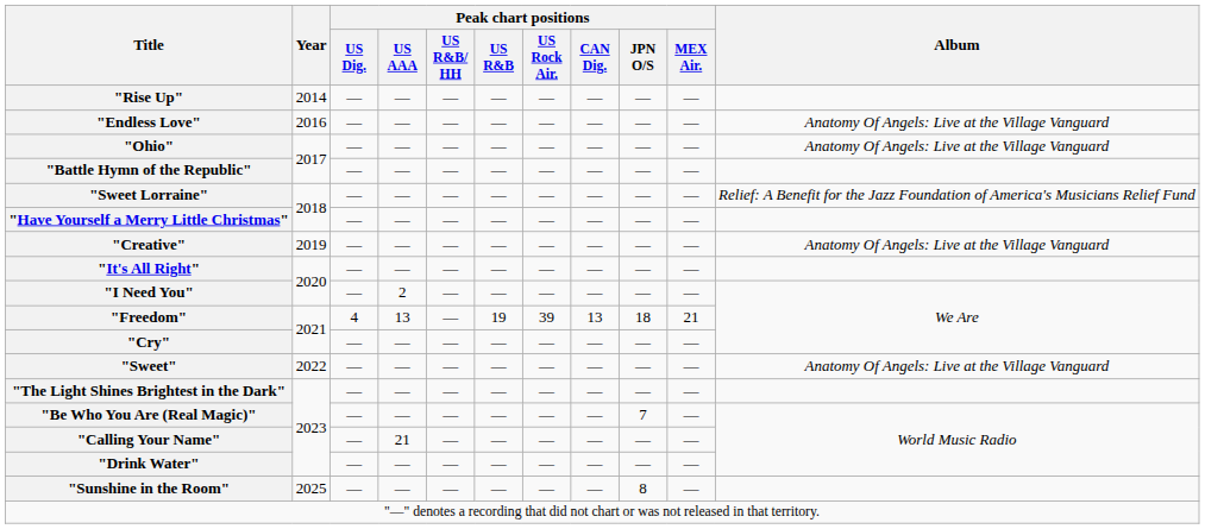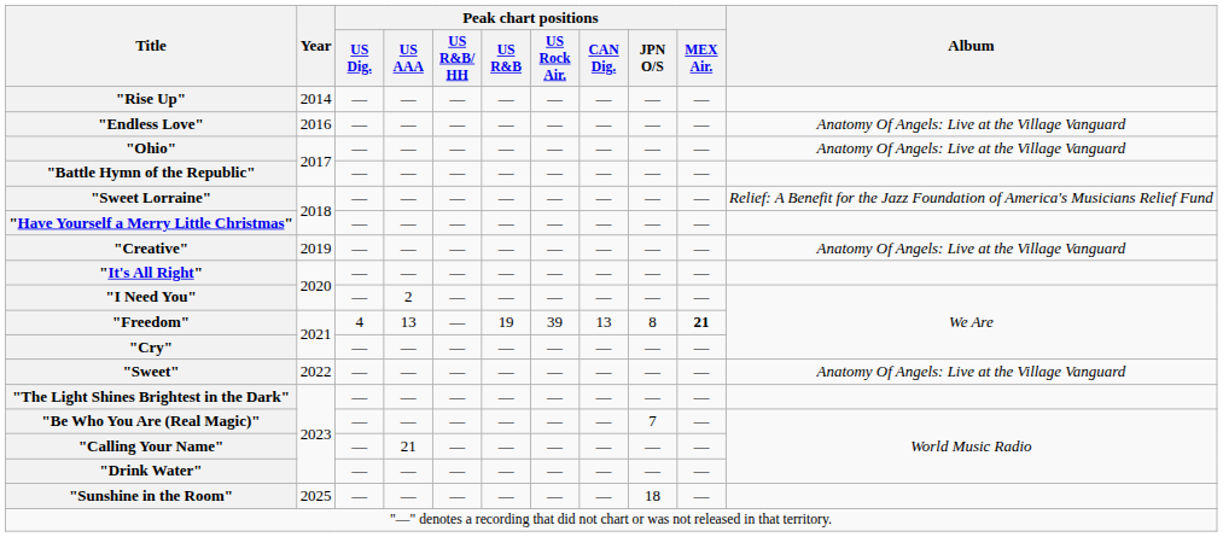 <table class="wikitable plainrowheaders" style="text-align:center;">
 <tr>
 <th rowspan="2">Title</th>
 <th rowspan="2">Year</th>
 <th colspan="8">Peak chart positions</th>
 <th rowspan="2">Album</th>
 </tr>
 <tr>
 <th scope="col" style="width:3em;font-size:90%;"><a href='#'>US<br>Dig.</a><br></th>
 <th scope="col" style="width:3em;font-size:90%;"><a href='#'>US<br>AAA</a><br></th>
 <th scope="col" style="width:3em;font-size:90%;"><a href='#'>US<br>R&B/<br>HH</a></th>
 <th scope="col" style="width:3em;font-size:90%;"><a href='#'>US<br>R&B</a><br></th>
 <th scope="col" style="width:3em;font-size:90%;"><a href='#'>US<br>Rock<br>Air.</a><br></th>
 <th scope="col" style="width:3em;font-size:90%;"><a href='#'>CAN<br>Dig.</a><br></th>
 <th scope="col" style="width:3em;font-size:90%;">JPN<br>O/S<br></th>
 <th scope="col" style="width:3em;font-size:90%;"><a href='#'>MEX<br>Air.</a><br></th>
 </tr>
 <tr>
 <th scope="row">"Rise Up"<br></th>
 <td>2014</td>
 <td>—</td>
 <td>—</td>
 <td>—</td>
 <td>—</td>
 <td>—</td>
 <td>—</td>
 <td>—</td>
 <td>—</td>
 <td></td>
 </tr>
 <tr>
 <th scope="row">"Endless Love"<br></th>
 <td>2016</td>
 <td>—</td>
 <td>—</td>
 <td>—</td>
 <td>—</td>
 <td>—</td>
 <td>—</td>
 <td>—</td>
 <td>—</td>
 <td><em>Anatomy Of Angels: Live at the Village Vanguard</em></td>
 </tr>
 <tr>
 <th scope="row">"Ohio"<br></th>
 <td rowspan="2">2017</td>
 <td>—</td>
 <td>—</td>
 <td>—</td>
 <td>—</td>
 <td>—</td>
 <td>—</td>
 <td>—</td>
 <td>—</td>
 <td><em>Anatomy Of Angels: Live at the Village Vanguard</em></td>
 </tr>
 <tr>
 <th scope="row">"Battle Hymn of the Republic"</th>
 <td>—</td>
 <td>—</td>
 <td>—</td>
 <td>—</td>
 <td>—</td>
 <td>—</td>
 <td>—</td>
 <td>—</td>
 </tr>
 <tr>
 <th scope="row">"Sweet Lorraine"</th>
 <td rowspan="2">2018</td>
 <td>—</td>
 <td>—</td>
 <td>—</td>
 <td>—</td>
 <td>—</td>
 <td>—</td>
 <td>—</td>
 <td>—</td>
 <td><em>Relief: A Benefit for the Jazz Foundation of America's Musicians Relief Fund</em></td>
 </tr>
 <tr>
 <th scope="row">"<a href='#'>Have Yourself a Merry Little Christmas</a>" </th>
 <td>—</td>
 <td>—</td>
 <td>—</td>
 <td>—</td>
 <td>—</td>
 <td>—</td>
 <td>—</td>
 <td>—</td>
 <td></td>
 </tr>
 <tr>
 <th scope="row">"Creative" </th>
 <td>2019</td>
 <td>—</td>
 <td>—</td>
 <td>—</td>
 <td>—</td>
 <td>—</td>
 <td>—</td>
 <td>—</td>
 <td>—</td>
 <td><em>Anatomy Of Angels: Live at the Village Vanguard</em></td>
 </tr>
 <tr>
 <th scope="row">"<a href='#'>It's All Right</a>" </th>
 <td rowspan="2">2020</td>
 <td>—</td>
 <td>—</td>
 <td>—</td>
 <td>—</td>
 <td>—</td>
 <td>—</td>
 <td>—</td>
 <td>—</td>
 <td></td>
 </tr>
 <tr>
 <th scope="row">"I Need You"</th>
 <td>—</td>
 <td>2</td>
 <td>—</td>
 <td>—</td>
 <td>—</td>
 <td>—</td>
 <td>—</td>
 <td>—</td>
 <td rowspan="3"><em>We Are</em></td>
 </tr>
 <tr>
 <th scope="row">"Freedom"</th>
 <td rowspan="2">2021</td>
 <td>4</td>
 <td>13</td>
 <td>—</td>
 <td>19</td>
 <td>39</td>
 <td>13</td>
-<td>18</td>
-<td>21</td>
+<td>8</td>
+<td><strong>21</strong></td>
 </tr>
 <tr>
 <th scope="row">"Cry"</th>
 <td>—</td>
 <td>—</td>
 <td>—</td>
 <td>—</td>
 <td>—</td>
 <td>—</td>
 <td>—</td>
 <td>—</td>
 </tr>
 <tr>
 <th scope="row">"Sweet" </th>
 <td>2022</td>
 <td>—</td>
 <td>—</td>
 <td>—</td>
 <td>—</td>
 <td>—</td>
 <td>—</td>
 <td>—</td>
 <td>—</td>
 <td><em>Anatomy Of Angels: Live at the Village Vanguard</em></td>
 </tr>
 <tr>
 <th scope="row">"The Light Shines Brightest in the Dark" </th>
 <td rowspan="4">2023</td>
 <td>—</td>
 <td>—</td>
 <td>—</td>
 <td>—</td>
 <td>—</td>
 <td>—</td>
 <td>—</td>
 <td>—</td>
 <td></td>
 </tr>
 <tr>
 <th scope="row">"Be Who You Are (Real Magic)" </th>
 <td>—</td>
 <td>—</td>
 <td>—</td>
 <td>—</td>
 <td>—</td>
 <td>—</td>
 <td>7</td>
 <td>—</td>
 <td rowspan="3"><em>World Music Radio</em></td>
 </tr>
 <tr>
 <th scope="row">"Calling Your Name"</th>
 <td>—</td>
 <td>21</td>
 <td>—</td>
 <td>—</td>
 <td>—</td>
 <td>—</td>
 <td>—</td>
 <td>—</td>
 </tr>
 <tr>
 <th scope="row">"Drink Water" </th>
 <td>—</td>
 <td>—</td>
 <td>—</td>
 <td>—</td>
 <td>—</td>
 <td>—</td>
 <td>—</td>
 <td>—</td>
 </tr>
 <tr>
 <th scope="row">"Sunshine in the Room"<br></th>
 <td>2025</td>
 <td>—</td>
 <td>—</td>
 <td>—</td>
 <td>—</td>
 <td>—</td>
 <td>—</td>
-<td>8</td>
+<td>18</td>
 <td>—</td>
 <td></td>
 </tr>
 <tr>
 <td colspan="13" style="font-size:90%">"—" denotes a recording that did not chart or was not released in that territory.</td>
 </tr>
 </table>
